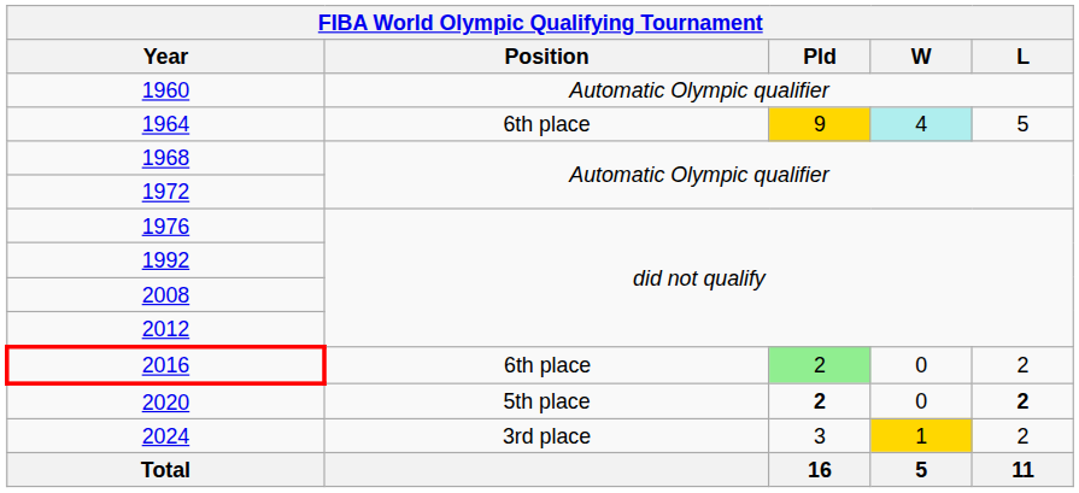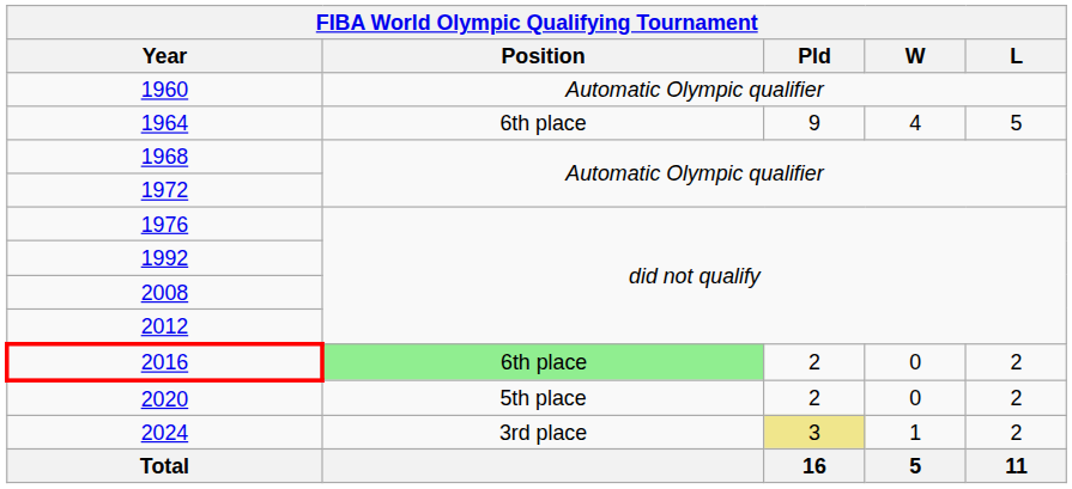 <table class="wikitable collapsible autocollapse"  style="text-align:center; font-size:95%; width:60%;">
 <tr>
 <th colspan=10><a href='#'>FIBA World Olympic Qualifying Tournament</a></th>
 </tr>
 <tr>
 <th width=25%>Year</th>
 <th width=35%>Position</th>
 <th width=8%>Pld</th>
 <th width=8%>W</th>
 <th width=8%>L</th>
 </tr>
 <tr>
 <td> <a href='#'>1960</a></td>
 <td colspan=5><em>Automatic Olympic qualifier</em></td>
 </tr>
 <tr>
 <td> <a href='#'>1964</a></td>
 <td>6th place</td>
-<td style="background: gold;">9</td>
-<td style="background: paleturquoise;">4</td>
+<td>9</td>
+<td>4</td>
 <td>5</td>
 </tr>
 <tr>
 <td> <a href='#'>1968</a></td>
 <td colspan=5 rowspan=2><em>Automatic Olympic qualifier</em></td>
 </tr>
 <tr>
 <td> <a href='#'>1972</a></td>
 </tr>
 <tr>
 <td> <a href='#'>1976</a></td>
 <td colspan=5 rowspan=4><em>did not qualify</em></td>
 </tr>
 <tr>
 <td> <a href='#'>1992</a></td>
 </tr>
 <tr>
 <td> <a href='#'>2008</a></td>
 </tr>
 <tr>
 <td> <a href='#'>2012</a></td>
 </tr>
 <tr>
 <td style="border: 3px solid red"> <a href='#'>2016</a></td>
-<td>6th place</td>
-<td style="background: lightgreen;">2</td>
+<td style="background: lightgreen;">6th place</td>
+<td>2</td>
 <td>0</td>
 <td>2</td>
 </tr>
 <tr>
 <td> <a href='#'>2020</a></td>
 <td>5th place</td>
-<td><strong>2</strong></td>
+<td>2</td>
 <td>0</td>
-<td><strong>2</strong></td>
+<td>2</td>
 </tr>
 <tr>
 <td> <a href='#'>2024</a></td>
 <td>3rd place</td>
-<td>3</td>
-<td style="background: gold;">1</td>
+<td style="background: khaki;">3</td>
+<td>1</td>
 <td>2</td>
 </tr>
 <tr>
 <th>Total</th>
 <th></th>
 <th>16</th>
 <th>5</th>
 <th>11</th>
 </tr>
 </table>
